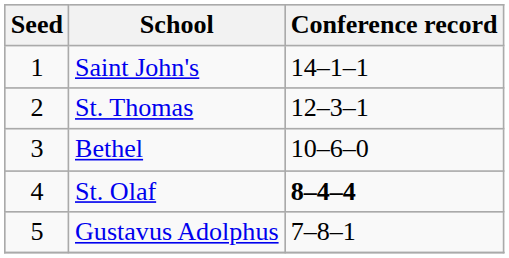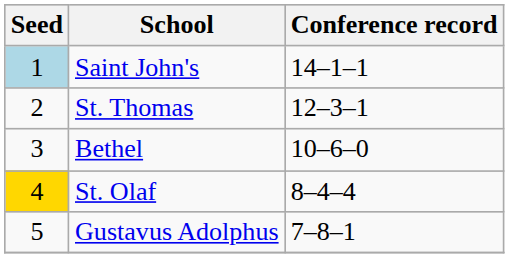 <table class="wikitable">
 <tr>
 <th>Seed</th>
 <th>School</th>
 <th>Conference record</th>
 </tr>
 <tr>
-<td align=center>1</td>
+<td align=center style="background: lightblue;">1</td>
 <td><a href='#'>Saint John's</a></td>
 <td>14–1–1</td>
 </tr>
 <tr>
 <td align=center>2</td>
 <td><a href='#'>St. Thomas</a></td>
 <td>12–3–1</td>
 </tr>
 <tr>
 <td align=center>3</td>
 <td><a href='#'>Bethel</a></td>
 <td>10–6–0</td>
 </tr>
 <tr>
-<td align=center>4</td>
+<td align=center style="background: gold;">4</td>
 <td><a href='#'>St. Olaf</a></td>
-<td><strong>8–4–4</strong></td>
+<td>8–4–4</td>
 </tr>
 <tr>
 <td align=center>5</td>
 <td><a href='#'>Gustavus Adolphus</a></td>
 <td>7–8–1</td>
 </tr>
 <tr>
 </tr>
 </table>
